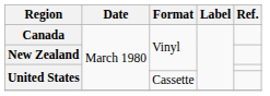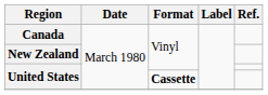 <table class="wikitable plainrowheaders">
 <tr>
 <th scope="col">Region</th>
 <th scope="col">Date</th>
 <th scope="col">Format</th>
 <th scope="col">Label</th>
 <th scope="col">Ref.</th>
 </tr>
 <tr>
 <th scope="row">Canada</th>
 <td rowspan="4">March 1980</td>
 <td rowspan="3">Vinyl</td>
 <td rowspan="4"></td>
 <td></td>
 </tr>
 <tr>
 <th scope="row">New Zealand</th>
 <td></td>
 </tr>
 <tr>
 <th scope="row" rowspan="2">United States</th>
 <td></td>
 </tr>
 <tr>
-<td>Cassette</td>
+<td><strong>Cassette</strong></td>
 <td></td>
 </tr>
 <tr>
 </tr>
 </table>
